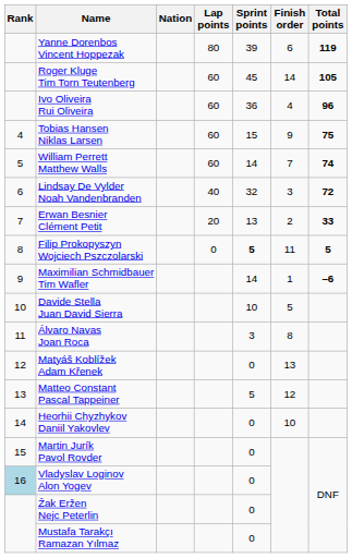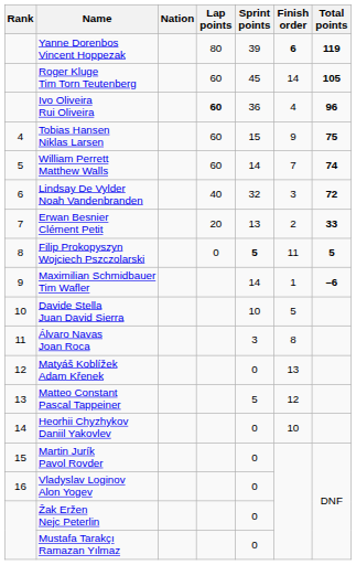 <table class="wikitable sortable" style="text-align:center">
 <tr>
 <th>Rank</th>
 <th>Name</th>
 <th>Nation</th>
 <th width=50>Lap points</th>
 <th width=50>Sprint points</th>
 <th width=50>Finish order</th>
 <th width=50>Total points</th>
 </tr>
 <tr>
 <td></td>
 <td align=left><a href='#'>Yanne Dorenbos</a><br><a href='#'>Vincent Hoppezak</a></td>
 <td align=left></td>
 <td>80</td>
 <td>39</td>
-<td>6</td>
+<td><strong>6</strong></td>
 <td><strong>119</strong></td>
 </tr>
 <tr>
 <td></td>
 <td align=left><a href='#'>Roger Kluge</a><br><a href='#'>Tim Torn Teutenberg</a></td>
 <td align=left></td>
 <td>60</td>
 <td>45</td>
 <td>14</td>
 <td><strong>105</strong></td>
 </tr>
 <tr>
 <td></td>
 <td align=left><a href='#'>Ivo Oliveira</a><br><a href='#'>Rui Oliveira</a></td>
 <td align=left></td>
-<td>60</td>
+<td><strong>60</strong></td>
 <td>36</td>
 <td>4</td>
 <td><strong>96</strong></td>
 </tr>
 <tr>
 <td>4</td>
 <td align=left><a href='#'>Tobias Hansen</a><br><a href='#'>Niklas Larsen</a></td>
 <td align=left></td>
 <td>60</td>
 <td>15</td>
 <td>9</td>
 <td><strong>75</strong></td>
 </tr>
 <tr>
 <td>5</td>
 <td align=left><a href='#'>William Perrett</a><br><a href='#'>Matthew Walls</a></td>
 <td align=left></td>
 <td>60</td>
 <td>14</td>
 <td>7</td>
 <td><strong>74</strong></td>
 </tr>
 <tr>
 <td>6</td>
 <td align=left><a href='#'>Lindsay De Vylder</a><br><a href='#'>Noah Vandenbranden</a></td>
 <td align=left></td>
 <td>40</td>
 <td>32</td>
 <td>3</td>
 <td><strong>72</strong></td>
 </tr>
 <tr>
 <td>7</td>
 <td align=left><a href='#'>Erwan Besnier</a><br><a href='#'>Clément Petit</a></td>
 <td align=left></td>
 <td>20</td>
 <td>13</td>
 <td>2</td>
 <td><strong>33</strong></td>
 </tr>
 <tr>
 <td>8</td>
 <td align=left><a href='#'>Filip Prokopyszyn</a><br><a href='#'>Wojciech Pszczolarski</a></td>
 <td align=left></td>
 <td>0</td>
 <td><strong>5</strong></td>
 <td>11</td>
 <td><strong>5</strong></td>
 </tr>
 <tr>
 <td>9</td>
 <td align=left><a href='#'>Maximilian Schmidbauer</a><br><a href='#'>Tim Wafler</a></td>
 <td align=left></td>
 <td></td>
 <td>14</td>
 <td>1</td>
 <td><strong>–6</strong></td>
 </tr>
 <tr>
 <td>10</td>
 <td align=left><a href='#'>Davide Stella</a><br><a href='#'>Juan David Sierra</a></td>
 <td align=left></td>
 <td></td>
 <td>10</td>
 <td>5</td>
 <td><strong></strong></td>
 </tr>
 <tr>
 <td>11</td>
 <td align=left><a href='#'>Álvaro Navas</a><br><a href='#'>Joan Roca</a></td>
 <td align=left></td>
 <td></td>
 <td>3</td>
 <td>8</td>
 <td><strong></strong></td>
 </tr>
 <tr>
 <td>12</td>
 <td align=left><a href='#'>Matyáš Koblížek</a><br><a href='#'>Adam Křenek</a></td>
 <td align=left></td>
 <td></td>
 <td>0</td>
 <td>13</td>
 <td><strong></strong></td>
 </tr>
 <tr>
 <td>13</td>
 <td align=left><a href='#'>Matteo Constant</a><br><a href='#'>Pascal Tappeiner</a></td>
 <td align=left></td>
 <td></td>
 <td>5</td>
 <td>12</td>
 <td><strong></strong></td>
 </tr>
 <tr>
 <td>14</td>
 <td align=left><a href='#'>Heorhii Chyzhykov</a><br><a href='#'>Daniil Yakovlev</a></td>
 <td align=left></td>
 <td></td>
 <td>0</td>
 <td>10</td>
 <td><strong></strong></td>
 </tr>
 <tr>
 <td>15</td>
 <td align=left><a href='#'>Martin Jurík</a><br><a href='#'>Pavol Rovder</a></td>
 <td align=left></td>
 <td></td>
 <td>0</td>
 <td rowspan=4></td>
 <td rowspan=4>DNF</td>
 </tr>
 <tr>
-<td style="background: lightblue;">16</td>
+<td>16</td>
 <td align=left><a href='#'>Vladyslav Loginov</a><br><a href='#'>Alon Yogev</a></td>
 <td align=left></td>
 <td></td>
 <td>0</td>
 </tr>
 <tr>
 <td rowspan=2></td>
 <td align=left><a href='#'>Žak Eržen</a><br><a href='#'>Nejc Peterlin</a></td>
 <td align=left></td>
 <td></td>
 <td>0</td>
 </tr>
 <tr>
 <td align=left><a href='#'>Mustafa Tarakçı</a><br><a href='#'>Ramazan Yılmaz</a></td>
 <td align=left></td>
 <td></td>
 <td>0</td>
 </tr>
 </table>
